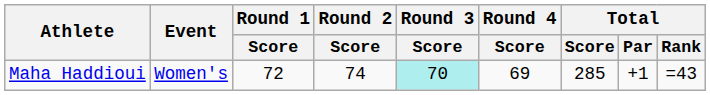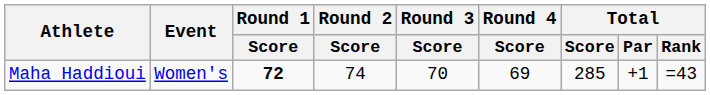 <table class=wikitable style="font-size:90%;text-align:center">
 <tr>
 <th rowspan=2>Athlete</th>
 <th rowspan=2>Event</th>
 <th>Round 1</th>
 <th>Round 2</th>
 <th>Round 3</th>
 <th>Round 4</th>
 <th colspan=3>Total</th>
 </tr>
 <tr style="font-size:95%">
 <th>Score</th>
 <th>Score</th>
 <th>Score</th>
 <th>Score</th>
 <th>Score</th>
 <th>Par</th>
 <th>Rank</th>
 </tr>
 <tr>
 <td align=left><a href='#'>Maha Haddioui</a></td>
 <td align=left><a href='#'>Women's</a></td>
-<td>72</td>
+<td><strong>72</strong></td>
 <td>74</td>
-<td style="background: paleturquoise;">70</td>
+<td>70</td>
 <td>69</td>
 <td>285</td>
 <td>+1</td>
 <td>=43</td>
 </tr>
 </table>
